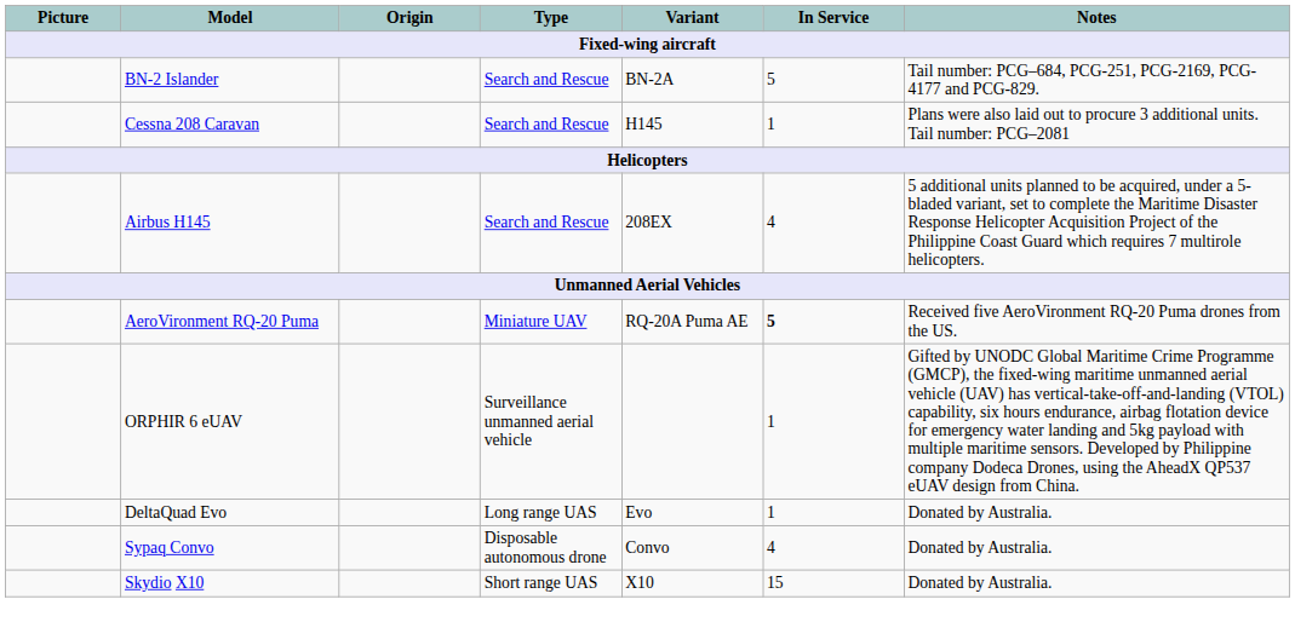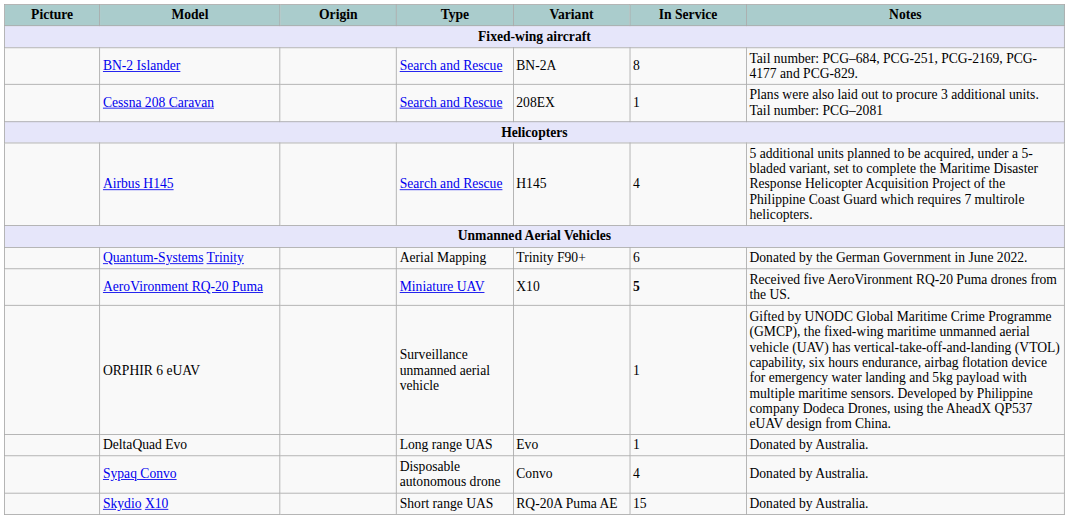 <table class="wikitable">
 <tr>
 <th style="text-align: center; background:#acc; width:9%;">Picture</th>
 <th style="text-align: center; background:#acc; width:17%;">Model</th>
 <th style="text-align: center; background:#acc; width:11%;">Origin</th>
 <th style="text-align: center; background:#acc; width:11%;">Type</th>
 <th style="text-align: center; background:#acc; width:11%;">Variant</th>
 <th style="text-align: center; background:#acc; width:11%;">In Service</th>
 <th style="text-align: center; background:#acc; width:30%;">Notes</th>
 </tr>
 <tr>
 <th style="align: center; background: lavender;" colspan="7">Fixed-wing aircraft</th>
 </tr>
 <tr>
 <td></td>
 <td><a href='#'>BN-2 Islander</a></td>
 <td></td>
 <td><a href='#'>Search and Rescue</a></td>
 <td>BN-2A</td>
-<td>5</td>
+<td>8</td>
 <td>Tail number: PCG–684, PCG-251, PCG-2169, PCG-4177 and PCG-829.</td>
 </tr>
 <tr>
 <td></td>
 <td><a href='#'>Cessna 208 Caravan</a></td>
 <td></td>
 <td><a href='#'>Search and Rescue</a></td>
-<td>H145</td>
+<td>208EX</td>
 <td>1</td>
 <td>Plans were also laid out to procure 3 additional units.<br>Tail number: PCG–2081</td>
 </tr>
 <tr>
 <th style="align: center; background: lavender;" colspan="7">Helicopters</th>
 </tr>
 <tr>
 <td></td>
 <td><a href='#'>Airbus H145</a></td>
 <td></td>
 <td><a href='#'>Search and Rescue</a></td>
-<td>208EX</td>
+<td>H145</td>
 <td>4</td>
 <td>5 additional units planned to be acquired, under a 5-bladed variant, set to complete the Maritime Disaster Response Helicopter Acquisition Project of the Philippine Coast Guard which requires 7 multirole helicopters.</td>
 </tr>
 <tr>
 <th style="align: center; background: lavender;" colspan="7">Unmanned Aerial Vehicles</th>
 </tr>
 <tr>
 <td></td>
+<td><a href='#'>Quantum-Systems</a> <a href='#'>Trinity</a></td>
+<td></td>
+<td>Aerial Mapping</td>
+<td>Trinity F90+</td>
+<td>6</td>
+<td>Donated by the German Government in June 2022.</td>
+</tr>
+<tr>
+<td></td>
 <td><a href='#'>AeroVironment RQ-20 Puma</a></td>
 <td></td>
 <td><a href='#'>Miniature UAV</a></td>
-<td>RQ-20A Puma AE</td>
+<td>X10</td>
 <td><strong>5</strong></td>
 <td>Received five AeroVironment RQ-20 Puma drones from the US.</td>
 </tr>
 <tr>
 <td></td>
 <td>ORPHIR 6 eUAV</td>
 <td></td>
 <td>Surveillance unmanned aerial vehicle</td>
 <td></td>
 <td>1</td>
 <td>Gifted by UNODC Global Maritime Crime Programme (GMCP),  the fixed-wing maritime unmanned aerial vehicle (UAV) has vertical-take-off-and-landing (VTOL) capability, six hours endurance, airbag flotation device for emergency water landing and 5kg payload with multiple maritime sensors. Developed by Philippine company Dodeca Drones, using the AheadX QP537 eUAV design from China.</td>
 </tr>
 <tr>
 <td></td>
 <td>DeltaQuad Evo</td>
 <td><small></small></td>
 <td>Long range UAS</td>
 <td>Evo</td>
 <td>1</td>
 <td>Donated by Australia.</td>
 </tr>
 <tr>
 <td></td>
 <td><a href='#'>Sypaq Convo</a></td>
 <td></td>
 <td>Disposable autonomous drone</td>
 <td>Convo</td>
 <td>4</td>
 <td>Donated by Australia.</td>
 </tr>
 <tr>
 <td></td>
 <td><a href='#'>Skydio</a> <a href='#'>X10</a></td>
 <td></td>
 <td>Short range UAS</td>
-<td>X10</td>
+<td>RQ-20A Puma AE</td>
 <td>15</td>
 <td>Donated by Australia.</td>
 </tr>
 </table>
